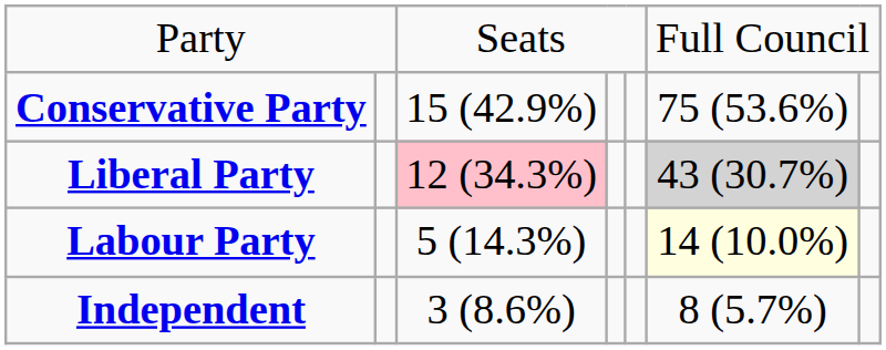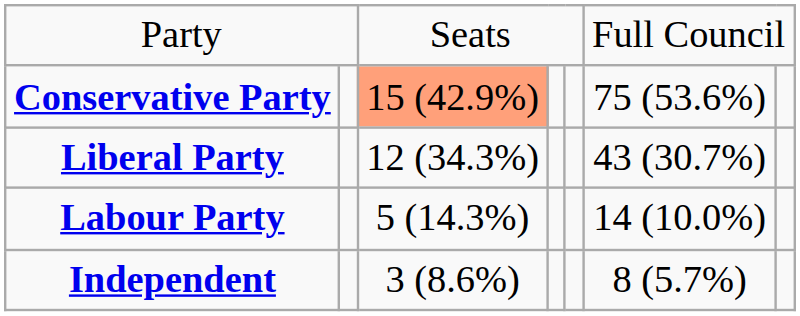 <table class=wikitable style="text-align:center;">
 <tr>
 <td colspan=2>Party</td>
 <td colspan=3>Seats</td>
 <td colspan=3>Full Council</td>
 </tr>
 <tr>
 <td><strong><a href='#'>Conservative Party</a></strong></td>
 <td style="background:"></td>
-<td>15 (42.9%)</td>
+<td style="background: lightsalmon;">15 (42.9%)</td>
 <td></td>
 <td></td>
 <td>75 (53.6%)</td>
 <td></td>
 </tr>
 <tr>
 <td><strong><a href='#'>Liberal Party</a></strong></td>
 <td style="background:"></td>
-<td style="background: pink;">12 (34.3%)</td>
+<td>12 (34.3%)</td>
 <td></td>
 <td></td>
-<td style="background: lightgrey;">43 (30.7%)</td>
+<td>43 (30.7%)</td>
 <td></td>
 </tr>
 <tr>
 <td><strong><a href='#'>Labour Party</a></strong></td>
 <td style="background:"></td>
 <td>5 (14.3%)</td>
 <td></td>
 <td></td>
-<td style="background: lightyellow;">14 (10.0%)</td>
+<td>14 (10.0%)</td>
 <td></td>
 </tr>
 <tr>
 <td><strong><a href='#'>Independent</a></strong></td>
 <td style="background:"></td>
 <td>3 (8.6%)</td>
 <td></td>
 <td></td>
 <td>8 (5.7%)</td>
 <td></td>
 </tr>
 </table>
